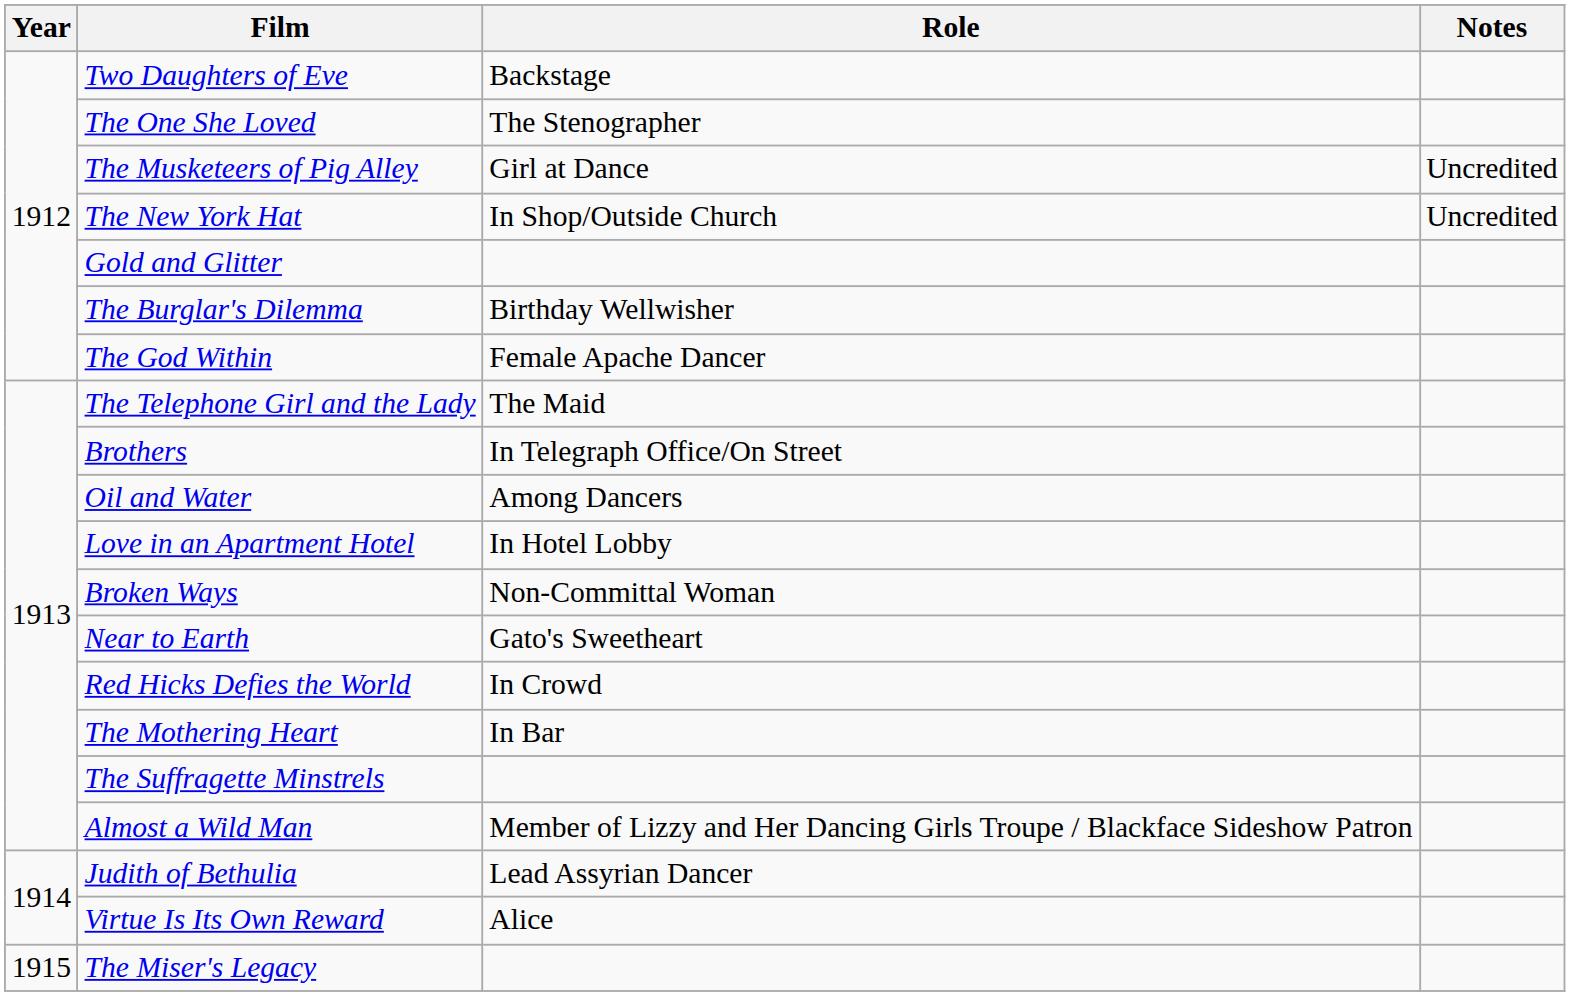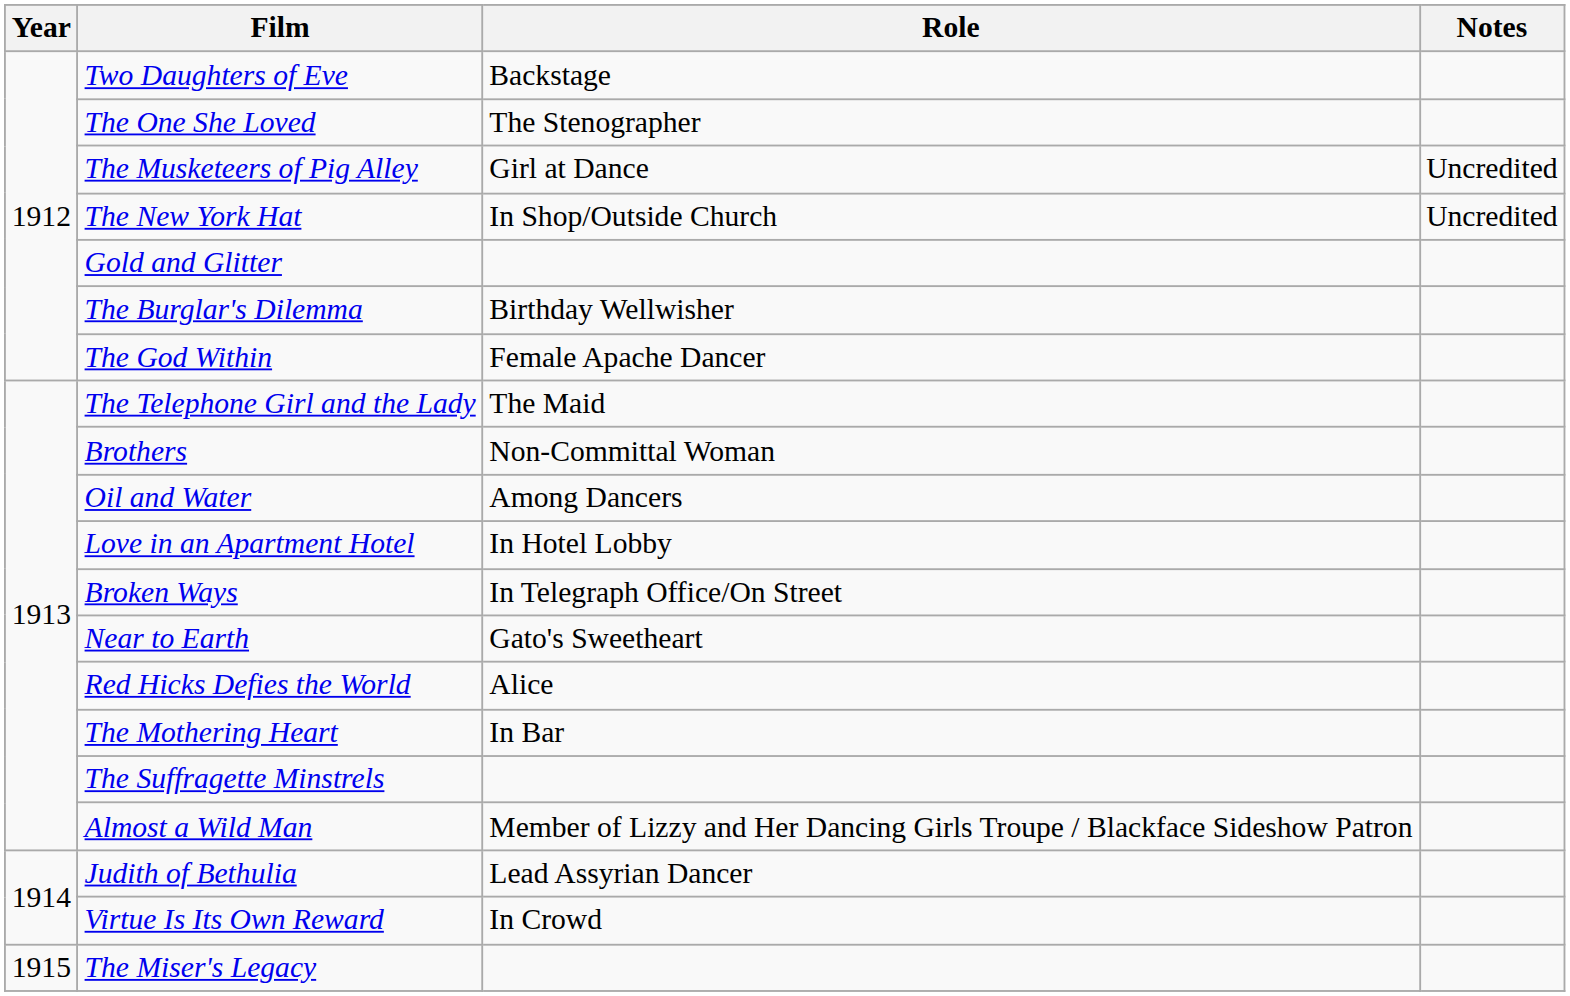 <table class="wikitable">
 <tr>
 <th>Year</th>
 <th>Film</th>
 <th>Role</th>
 <th>Notes</th>
 </tr>
 <tr>
 <td rowspan=7>1912</td>
 <td><em><a href='#'>Two Daughters of Eve</a></em></td>
 <td>Backstage</td>
 <td></td>
 </tr>
 <tr>
 <td><em><a href='#'>The One She Loved</a></em></td>
 <td>The Stenographer</td>
 <td></td>
 </tr>
 <tr>
 <td><em><a href='#'>The Musketeers of Pig Alley</a></em></td>
 <td>Girl at Dance</td>
 <td>Uncredited</td>
 </tr>
 <tr>
 <td><em><a href='#'>The New York Hat</a></em></td>
 <td>In Shop/Outside Church</td>
 <td>Uncredited</td>
 </tr>
 <tr>
 <td><em><a href='#'>Gold and Glitter</a></em></td>
 <td></td>
 <td></td>
 </tr>
 <tr>
 <td><em><a href='#'>The Burglar's Dilemma</a></em></td>
 <td>Birthday Wellwisher</td>
 <td></td>
 </tr>
 <tr>
 <td><em><a href='#'>The God Within</a></em></td>
 <td>Female Apache Dancer</td>
 <td></td>
 </tr>
 <tr>
 <td rowspan=10>1913</td>
 <td><em><a href='#'>The Telephone Girl and the Lady</a></em></td>
 <td>The Maid</td>
 <td></td>
 </tr>
 <tr>
 <td><em><a href='#'>Brothers</a></em></td>
-<td>In Telegraph Office/On Street</td>
+<td>Non-Committal Woman</td>
 <td></td>
 </tr>
 <tr>
 <td><em><a href='#'>Oil and Water</a></em></td>
 <td>Among Dancers</td>
 <td></td>
 </tr>
 <tr>
 <td><em><a href='#'>Love in an Apartment Hotel</a></em></td>
 <td>In Hotel Lobby</td>
 <td></td>
 </tr>
 <tr>
 <td><em><a href='#'>Broken Ways</a></em></td>
-<td>Non-Committal Woman</td>
+<td>In Telegraph Office/On Street</td>
 <td></td>
 </tr>
 <tr>
 <td><em><a href='#'>Near to Earth</a></em></td>
 <td>Gato's Sweetheart</td>
 <td></td>
 </tr>
 <tr>
 <td><em><a href='#'>Red Hicks Defies the World</a></em></td>
-<td>In Crowd</td>
+<td>Alice</td>
 <td></td>
 </tr>
 <tr>
 <td><em><a href='#'>The Mothering Heart</a></em></td>
 <td>In Bar</td>
 <td></td>
 </tr>
 <tr>
 <td><em><a href='#'>The Suffragette Minstrels</a></em></td>
 <td></td>
 <td></td>
 </tr>
 <tr>
 <td><em><a href='#'>Almost a Wild Man</a></em></td>
 <td>Member of Lizzy and Her Dancing Girls Troupe / Blackface Sideshow Patron</td>
 <td></td>
 </tr>
 <tr>
 <td rowspan=2>1914</td>
 <td><em><a href='#'>Judith of Bethulia</a></em></td>
 <td>Lead Assyrian Dancer</td>
 <td></td>
 </tr>
 <tr>
 <td><em><a href='#'>Virtue Is Its Own Reward</a></em></td>
-<td>Alice</td>
+<td>In Crowd</td>
 <td></td>
 </tr>
 <tr>
 <td>1915</td>
 <td><em><a href='#'>The Miser's Legacy</a></em></td>
 <td></td>
 <td></td>
 </tr>
 </table>
